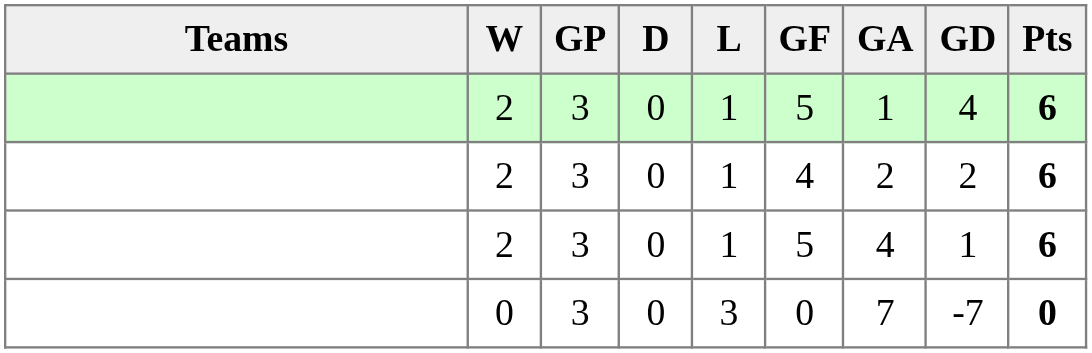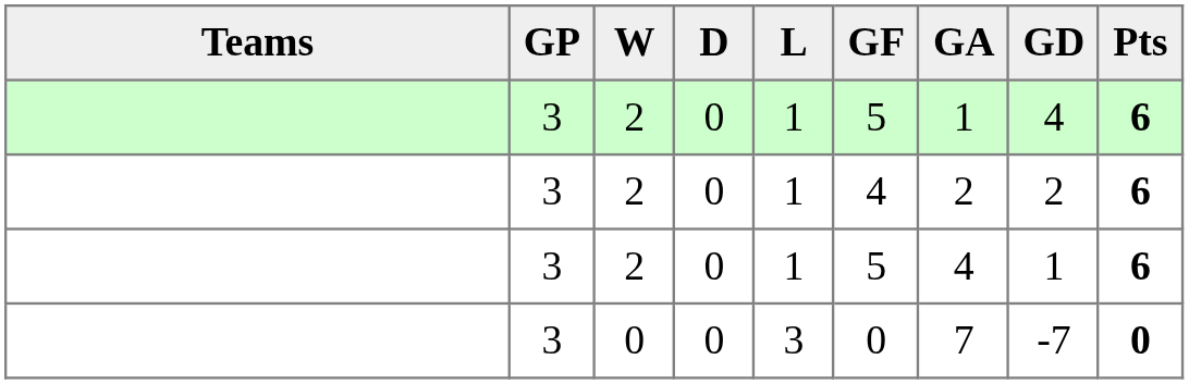 <table style=border-collapse:collapse border=1 cellspacing=0 cellpadding=5>
 <tr align=center bgcolor=#efefef>
 <th width=185>Teams</th>
+<th width=20>GP</th>
 <th width=20>W</th>
-<th width=20>GP</th>
 <th width=20>D</th>
 <th width=20>L</th>
 <th width=20>GF</th>
 <th width=20>GA</th>
 <th width=20>GD</th>
 <th width=20>Pts<br></th>
 </tr>
 <tr align=center style="background:#ccffcc;">
 <td style="text-align:left;"></td>
+<td>3</td>
 <td>2</td>
-<td>3</td>
 <td>0</td>
 <td>1</td>
 <td>5</td>
 <td>1</td>
 <td>4</td>
 <td><strong>6</strong></td>
 </tr>
 <tr align=center>
 <td style="text-align:left;"></td>
+<td>3</td>
 <td>2</td>
-<td>3</td>
 <td>0</td>
 <td>1</td>
 <td>4</td>
 <td>2</td>
 <td>2</td>
 <td><strong>6</strong></td>
 </tr>
 <tr align=center>
 <td style="text-align:left;"></td>
+<td>3</td>
 <td>2</td>
-<td>3</td>
 <td>0</td>
 <td>1</td>
 <td>5</td>
 <td>4</td>
 <td>1</td>
 <td><strong>6</strong></td>
 </tr>
 <tr align=center>
 <td style="text-align:left;"></td>
+<td>3</td>
 <td>0</td>
-<td>3</td>
 <td>0</td>
 <td>3</td>
 <td>0</td>
 <td>7</td>
 <td>-7</td>
 <td><strong>0</strong></td>
 </tr>
 </table>
